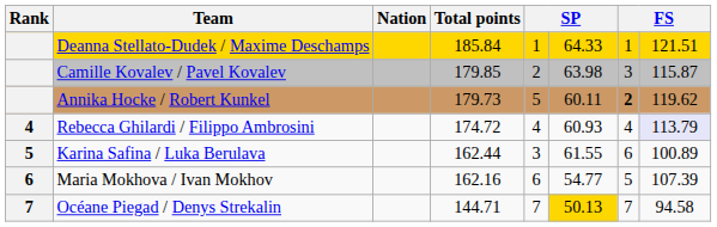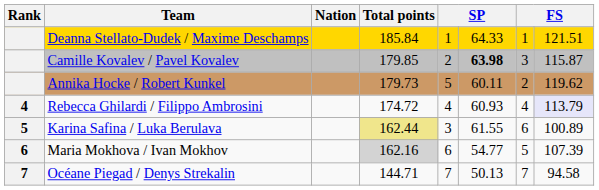 <table class="wikitable sortable" style="text-align:left">
 <tr>
 <th scope="col">Rank</th>
 <th scope="col">Team</th>
 <th scope="col">Nation</th>
 <th scope="col">Total points</th>
 <th scope="col" colspan="2" width="80px"><a href='#'>SP</a></th>
 <th scope="col" colspan="2" width="80px"><a href='#'>FS</a></th>
 </tr>
 <tr bgcolor="gold">
 <th scope="row"></th>
 <td><a href='#'>Deanna Stellato-Dudek</a> / <a href='#'>Maxime Deschamps</a></td>
 <td></td>
 <td align="center">185.84</td>
 <td align="center">1</td>
 <td align="center">64.33</td>
 <td align="center">1</td>
 <td align="center">121.51</td>
 </tr>
 <tr bgcolor="silver">
 <th scope="row"></th>
 <td><a href='#'>Camille Kovalev</a> / <a href='#'>Pavel Kovalev</a></td>
 <td></td>
 <td align="center">179.85</td>
 <td align="center">2</td>
-<td align="center">63.98</td>
+<td align="center"><strong>63.98</strong></td>
 <td align="center">3</td>
 <td align="center">115.87</td>
 </tr>
 <tr bgcolor="cc9966">
 <th scope="row"></th>
 <td><a href='#'>Annika Hocke</a> / <a href='#'>Robert Kunkel</a></td>
 <td></td>
 <td align="center">179.73</td>
 <td align="center">5</td>
 <td align="center">60.11</td>
-<td align="center"><strong>2</strong></td>
+<td align="center">2</td>
 <td align="center">119.62</td>
 </tr>
 <tr>
 <th scope="row">4</th>
 <td><a href='#'>Rebecca Ghilardi</a> / <a href='#'>Filippo Ambrosini</a></td>
 <td></td>
 <td align="center">174.72</td>
 <td align="center">4</td>
 <td align="center">60.93</td>
 <td align="center">4</td>
 <td align="center" style="background: lavender;">113.79</td>
 </tr>
 <tr>
 <th scope="row">5</th>
 <td><a href='#'>Karina Safina</a> / <a href='#'>Luka Berulava</a></td>
 <td></td>
-<td align="center">162.44</td>
+<td align="center" style="background: khaki;">162.44</td>
 <td align="center">3</td>
 <td align="center">61.55</td>
 <td align="center">6</td>
 <td align="center">100.89</td>
 </tr>
 <tr>
 <th scope="row">6</th>
 <td>Maria Mokhova / Ivan Mokhov</td>
 <td></td>
-<td align="center">162.16</td>
+<td align="center" style="background: lightgrey;">162.16</td>
 <td align="center">6</td>
 <td align="center">54.77</td>
 <td align="center">5</td>
 <td align="center">107.39</td>
 </tr>
 <tr>
 <th scope="row">7</th>
 <td><a href='#'>Océane Piegad</a> / <a href='#'>Denys Strekalin</a></td>
 <td></td>
 <td align="center">144.71</td>
 <td align="center">7</td>
-<td align="center" style="background: gold;">50.13</td>
+<td align="center">50.13</td>
 <td align="center">7</td>
 <td align="center">94.58</td>
 </tr>
 </table>
